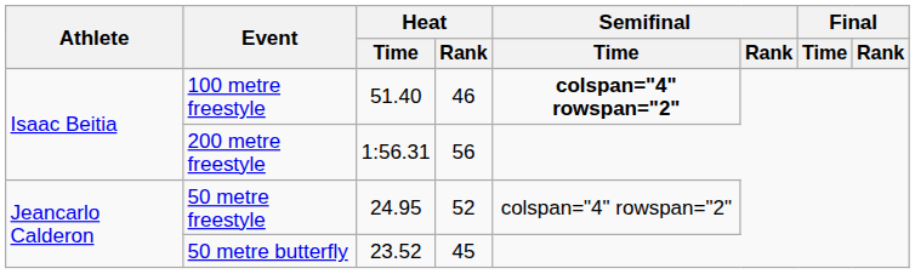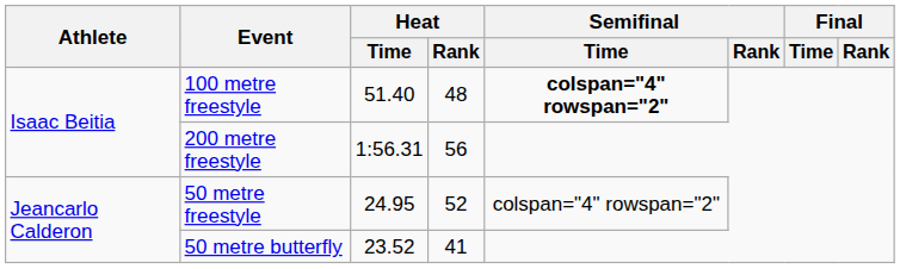 <table class="wikitable" style="text-align:center; font-size:90%; width:50%;">
 <tr>
 <th rowspan="2">Athlete</th>
 <th rowspan="2">Event</th>
 <th colspan="2">Heat</th>
 <th colspan="2">Semifinal</th>
 <th colspan="2">Final</th>
 </tr>
 <tr style="font-size:95%">
 <th>Time</th>
 <th>Rank</th>
 <th>Time</th>
 <th>Rank</th>
 <th>Time</th>
 <th>Rank</th>
 </tr>
 <tr align=center>
 <td align=left rowspan="2"><a href='#'>Isaac Beitia</a></td>
 <td align=left><a href='#'>100 metre freestyle</a></td>
 <td>51.40</td>
-<td>46</td>
+<td>48</td>
 <td><strong>colspan="4" rowspan="2"</strong></td>
 </tr>
 <tr align=center>
 <td align=left><a href='#'>200 metre freestyle</a></td>
 <td>1:56.31</td>
 <td>56</td>
 </tr>
 <tr align=center>
 <td align=left rowspan="2"><a href='#'>Jeancarlo Calderon</a></td>
 <td align=left><a href='#'>50 metre freestyle</a></td>
 <td>24.95</td>
 <td>52</td>
 <td>colspan="4" rowspan="2"</td>
 </tr>
 <tr align=center>
 <td align=left><a href='#'>50 metre butterfly</a></td>
 <td>23.52</td>
-<td>45</td>
+<td>41</td>
 </tr>
 </table>
